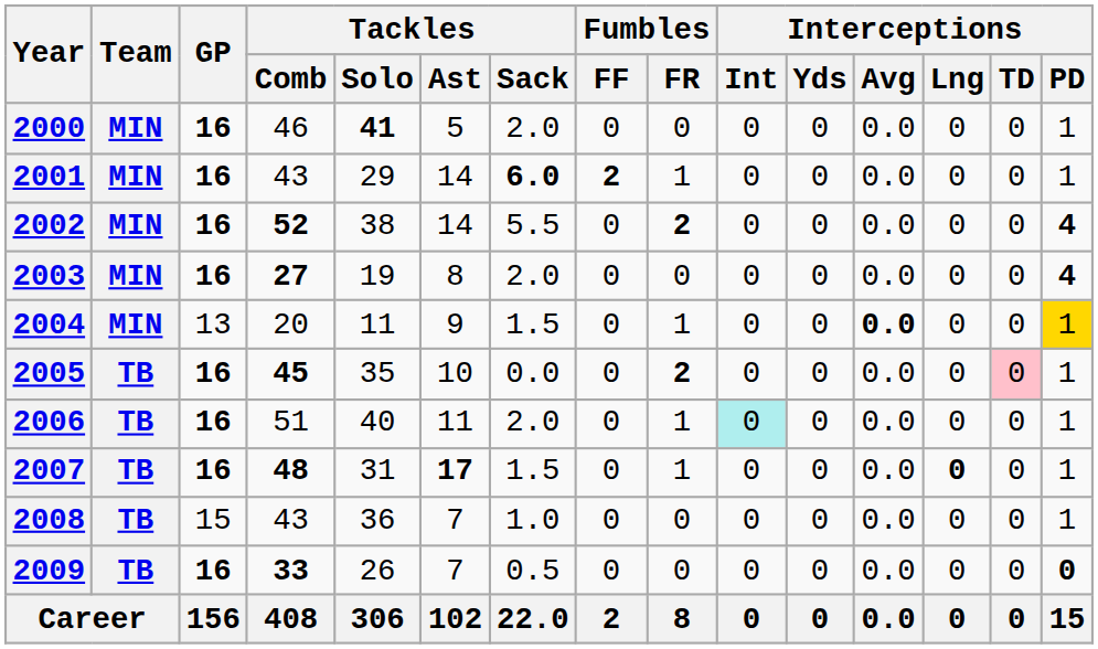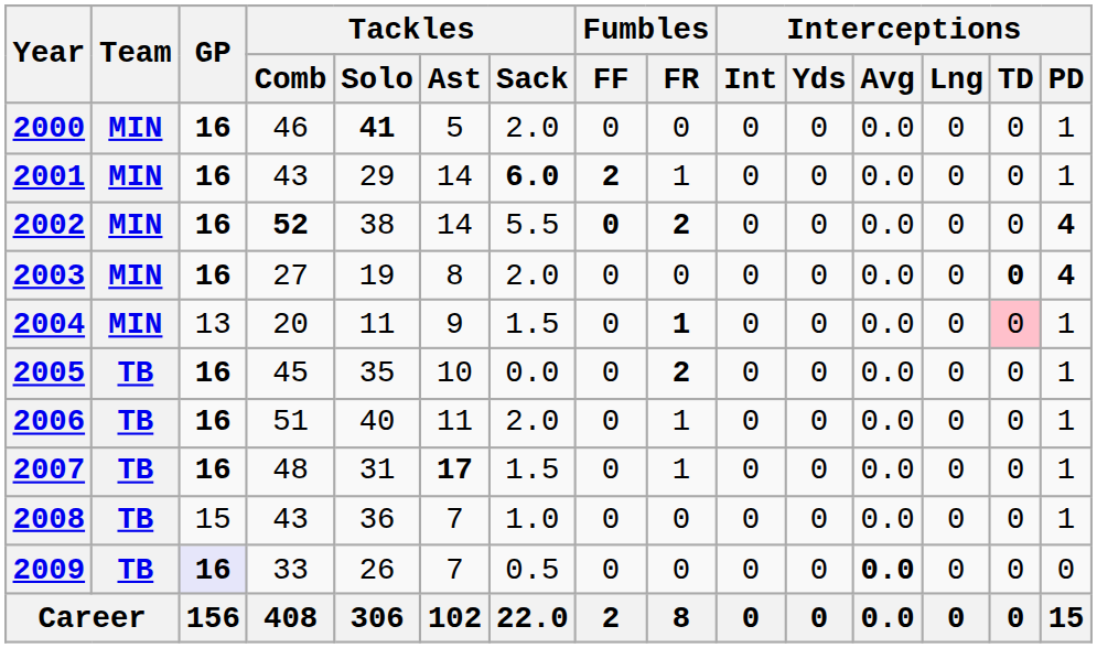 <table class="wikitable" style="text-align:center">
 <tr>
 <th rowspan="2">Year</th>
 <th rowspan="2">Team</th>
 <th rowspan="2">GP</th>
 <th colspan="4">Tackles</th>
 <th colspan="2">Fumbles</th>
 <th colspan="6">Interceptions</th>
 </tr>
 <tr>
 <th>Comb</th>
 <th>Solo</th>
 <th>Ast</th>
 <th>Sack</th>
 <th>FF</th>
 <th>FR</th>
 <th>Int</th>
 <th>Yds</th>
 <th>Avg</th>
 <th>Lng</th>
 <th>TD</th>
 <th>PD</th>
 </tr>
 <tr>
 <th><a href='#'>2000</a></th>
 <th><a href='#'>MIN</a></th>
 <td><strong>16</strong></td>
 <td>46</td>
 <td><strong>41</strong></td>
 <td>5</td>
 <td>2.0</td>
 <td>0</td>
 <td>0</td>
 <td>0</td>
 <td>0</td>
 <td>0.0</td>
 <td>0</td>
 <td>0</td>
 <td>1</td>
 </tr>
 <tr>
 <th><a href='#'>2001</a></th>
 <th><a href='#'>MIN</a></th>
 <td><strong>16</strong></td>
 <td>43</td>
 <td>29</td>
 <td>14</td>
 <td><strong>6.0</strong></td>
 <td><strong>2</strong></td>
 <td>1</td>
 <td>0</td>
 <td>0</td>
 <td>0.0</td>
 <td>0</td>
 <td>0</td>
 <td>1</td>
 </tr>
 <tr>
 <th><a href='#'>2002</a></th>
 <th><a href='#'>MIN</a></th>
 <td><strong>16</strong></td>
 <td><strong>52</strong></td>
 <td>38</td>
 <td>14</td>
 <td>5.5</td>
-<td>0</td>
+<td><strong>0</strong></td>
 <td><strong>2</strong></td>
 <td>0</td>
 <td>0</td>
 <td>0.0</td>
 <td>0</td>
 <td>0</td>
 <td><strong>4</strong></td>
 </tr>
 <tr>
 <th><a href='#'>2003</a></th>
 <th><a href='#'>MIN</a></th>
 <td><strong>16</strong></td>
-<td><strong>27</strong></td>
+<td>27</td>
 <td>19</td>
 <td>8</td>
 <td>2.0</td>
 <td>0</td>
 <td>0</td>
 <td>0</td>
 <td>0</td>
 <td>0.0</td>
 <td>0</td>
-<td>0</td>
+<td><strong>0</strong></td>
 <td><strong>4</strong></td>
 </tr>
 <tr>
 <th><a href='#'>2004</a></th>
 <th><a href='#'>MIN</a></th>
 <td>13</td>
 <td>20</td>
 <td>11</td>
 <td>9</td>
 <td>1.5</td>
 <td>0</td>
-<td>1</td>
+<td><strong>1</strong></td>
 <td>0</td>
 <td>0</td>
-<td><strong>0.0</strong></td>
+<td>0.0</td>
 <td>0</td>
-<td>0</td>
-<td style="background: gold;">1</td>
+<td style="background: pink;">0</td>
+<td>1</td>
 </tr>
 <tr>
 <th><a href='#'>2005</a></th>
 <th><a href='#'>TB</a></th>
 <td><strong>16</strong></td>
-<td><strong>45</strong></td>
+<td>45</td>
 <td>35</td>
 <td>10</td>
 <td>0.0</td>
 <td>0</td>
 <td><strong>2</strong></td>
 <td>0</td>
 <td>0</td>
 <td>0.0</td>
 <td>0</td>
-<td style="background: pink;">0</td>
+<td>0</td>
 <td>1</td>
 </tr>
 <tr>
 <th><a href='#'>2006</a></th>
 <th><a href='#'>TB</a></th>
 <td><strong>16</strong></td>
 <td>51</td>
 <td>40</td>
 <td>11</td>
 <td>2.0</td>
 <td>0</td>
 <td>1</td>
-<td style="background: paleturquoise;">0</td>
+<td>0</td>
 <td>0</td>
 <td>0.0</td>
 <td>0</td>
 <td>0</td>
 <td>1</td>
 </tr>
 <tr>
 <th><a href='#'>2007</a></th>
 <th><a href='#'>TB</a></th>
 <td><strong>16</strong></td>
-<td><strong>48</strong></td>
+<td>48</td>
 <td>31</td>
 <td><strong>17</strong></td>
 <td>1.5</td>
 <td>0</td>
 <td>1</td>
 <td>0</td>
 <td>0</td>
 <td>0.0</td>
-<td><strong>0</strong></td>
+<td>0</td>
 <td>0</td>
 <td>1</td>
 </tr>
 <tr>
 <th><a href='#'>2008</a></th>
 <th><a href='#'>TB</a></th>
 <td>15</td>
 <td>43</td>
 <td>36</td>
 <td>7</td>
 <td>1.0</td>
 <td>0</td>
 <td>0</td>
 <td>0</td>
 <td>0</td>
 <td>0.0</td>
 <td>0</td>
 <td>0</td>
 <td>1</td>
 </tr>
 <tr>
 <th><a href='#'>2009</a></th>
 <th><a href='#'>TB</a></th>
-<td><strong>16</strong></td>
-<td><strong>33</strong></td>
+<td style="background: lavender;"><strong>16</strong></td>
+<td>33</td>
 <td>26</td>
 <td>7</td>
 <td>0.5</td>
 <td>0</td>
 <td>0</td>
 <td>0</td>
 <td>0</td>
-<td>0.0</td>
+<td><strong>0.0</strong></td>
 <td>0</td>
 <td>0</td>
-<td><strong>0</strong></td>
+<td>0</td>
 </tr>
 <tr>
 <th colspan="2">Career</th>
 <th>156</th>
 <th>408</th>
 <th>306</th>
 <th>102</th>
 <th>22.0</th>
 <th>2</th>
 <th>8</th>
 <th>0</th>
 <th>0</th>
 <th>0.0</th>
 <th>0</th>
 <th>0</th>
 <th>15</th>
 </tr>
 </table>
